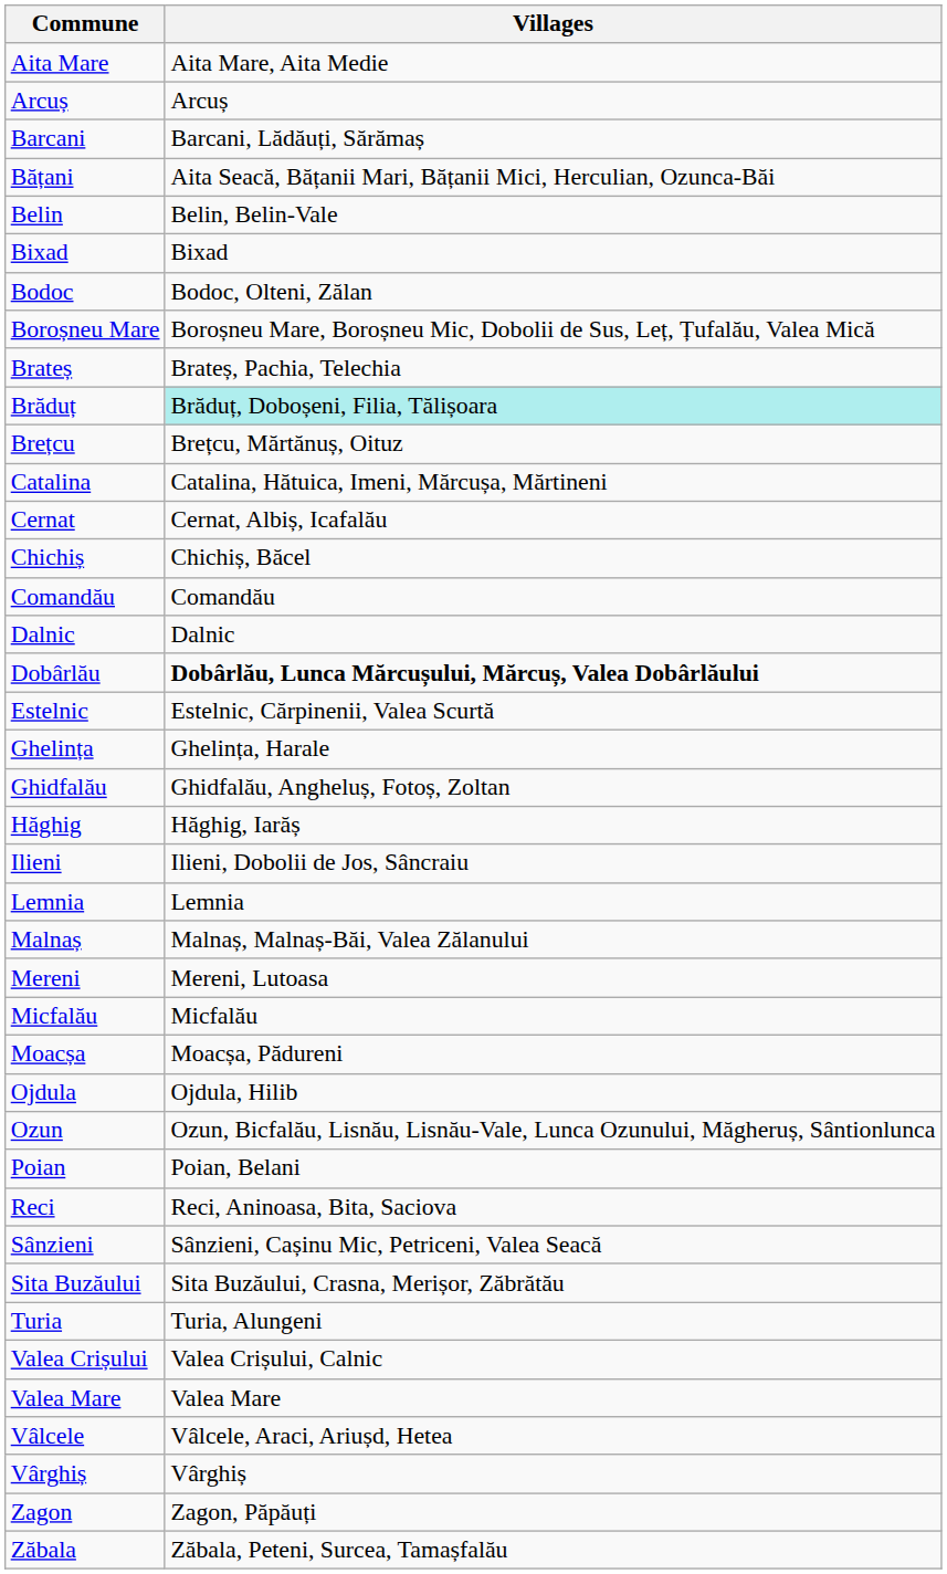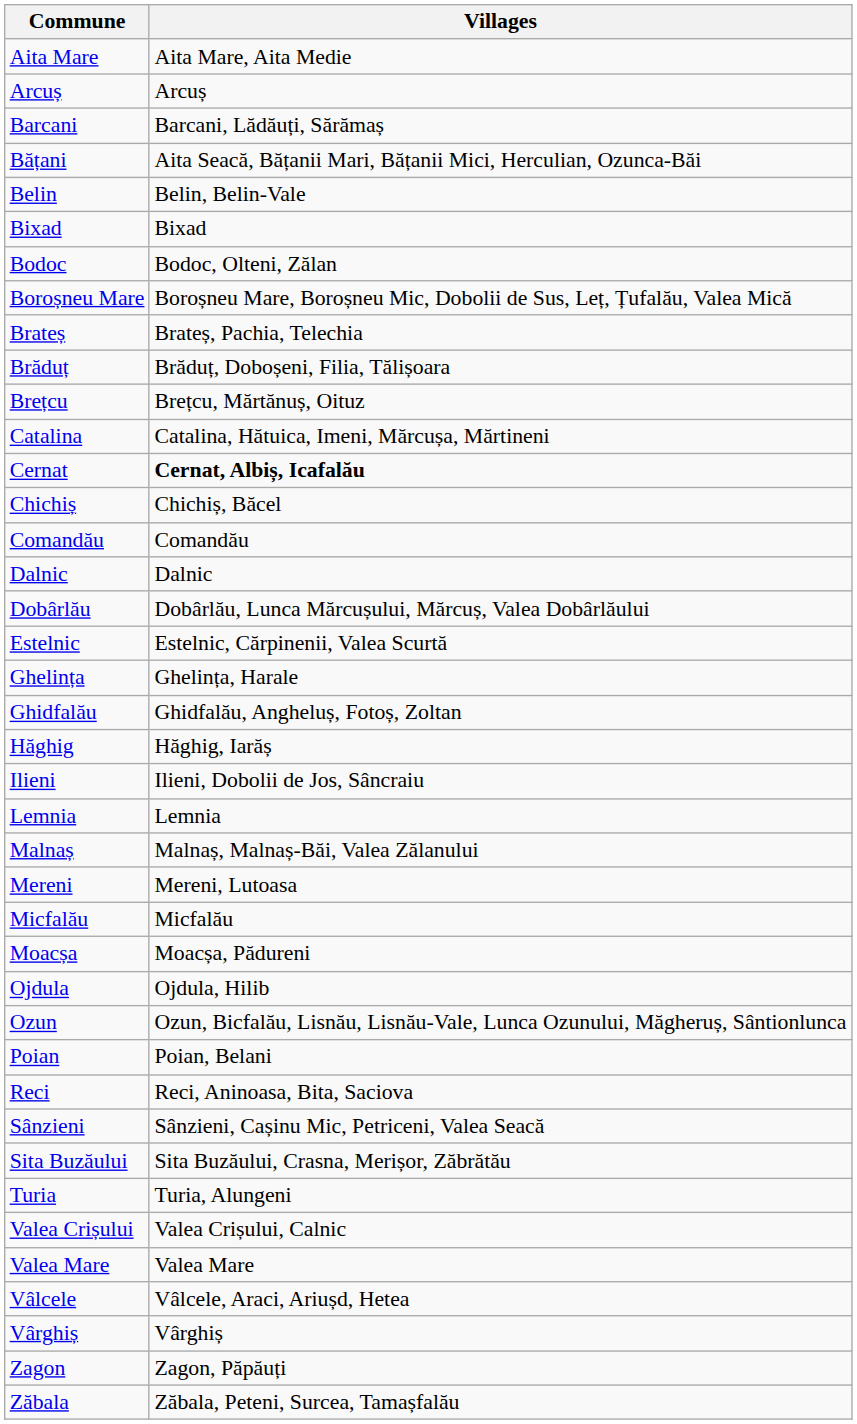 <table class="wikitable">
 <tr>
 <th colspan=1>Commune</th>
 <th colspan=3>Villages</th>
 </tr>
 <tr>
 <td><a href='#'>Aita Mare</a></td>
 <td>Aita Mare, Aita Medie</td>
 </tr>
 <tr>
 <td><a href='#'>Arcuș</a></td>
 <td>Arcuș</td>
 </tr>
 <tr>
 <td><a href='#'>Barcani</a></td>
 <td>Barcani, Lădăuți, Sărămaș</td>
 </tr>
 <tr>
 <td><a href='#'>Bățani</a></td>
 <td>Aita Seacă, Bățanii Mari, Bățanii Mici, Herculian, Ozunca-Băi</td>
 </tr>
 <tr>
 <td><a href='#'>Belin</a></td>
 <td>Belin, Belin-Vale</td>
 </tr>
 <tr>
 <td><a href='#'>Bixad</a></td>
 <td>Bixad</td>
 </tr>
 <tr>
 <td><a href='#'>Bodoc</a></td>
 <td>Bodoc, Olteni, Zălan</td>
 </tr>
 <tr>
 <td><a href='#'>Boroșneu Mare</a></td>
 <td>Boroșneu Mare, Boroșneu Mic, Dobolii de Sus, Leț, Țufalău, Valea Mică</td>
 </tr>
 <tr>
 <td><a href='#'>Brateș</a></td>
 <td>Brateș, Pachia, Telechia</td>
 </tr>
 <tr>
 <td><a href='#'>Brăduț</a></td>
-<td style="background: paleturquoise;">Brăduț, Doboșeni, Filia, Tălișoara</td>
+<td>Brăduț, Doboșeni, Filia, Tălișoara</td>
 </tr>
 <tr>
 <td><a href='#'>Brețcu</a></td>
 <td>Brețcu, Mărtănuș, Oituz</td>
 </tr>
 <tr>
 <td><a href='#'>Catalina</a></td>
 <td>Catalina, Hătuica, Imeni, Mărcușa, Mărtineni</td>
 </tr>
 <tr>
 <td><a href='#'>Cernat</a></td>
-<td>Cernat, Albiș, Icafalău</td>
+<td><strong>Cernat, Albiș, Icafalău</strong></td>
 </tr>
 <tr>
 <td><a href='#'>Chichiș</a></td>
 <td>Chichiș, Băcel</td>
 </tr>
 <tr>
 <td><a href='#'>Comandău</a></td>
 <td>Comandău</td>
 </tr>
 <tr>
 <td><a href='#'>Dalnic</a></td>
 <td>Dalnic</td>
 </tr>
 <tr>
 <td><a href='#'>Dobârlău</a></td>
-<td><strong>Dobârlău, Lunca Mărcușului, Mărcuș, Valea Dobârlăului</strong></td>
+<td>Dobârlău, Lunca Mărcușului, Mărcuș, Valea Dobârlăului</td>
 </tr>
 <tr>
 <td><a href='#'>Estelnic</a></td>
 <td>Estelnic, Cărpinenii, Valea Scurtă</td>
 </tr>
 <tr>
 <td><a href='#'>Ghelința</a></td>
 <td>Ghelința, Harale</td>
 </tr>
 <tr>
 <td><a href='#'>Ghidfalău</a></td>
 <td>Ghidfalău, Angheluș, Fotoș, Zoltan</td>
 </tr>
 <tr>
 <td><a href='#'>Hăghig</a></td>
 <td>Hăghig, Iarăș</td>
 </tr>
 <tr>
 <td><a href='#'>Ilieni</a></td>
 <td>Ilieni, Dobolii de Jos, Sâncraiu</td>
 </tr>
 <tr>
 <td><a href='#'>Lemnia</a></td>
 <td>Lemnia</td>
 </tr>
 <tr>
 <td><a href='#'>Malnaș</a></td>
 <td>Malnaș, Malnaș-Băi, Valea Zălanului</td>
 </tr>
 <tr>
 <td><a href='#'>Mereni</a></td>
 <td>Mereni, Lutoasa</td>
 </tr>
 <tr>
 <td><a href='#'>Micfalău</a></td>
 <td>Micfalău</td>
 </tr>
 <tr>
 <td><a href='#'>Moacșa</a></td>
 <td>Moacșa, Pădureni</td>
 </tr>
 <tr>
 <td><a href='#'>Ojdula</a></td>
 <td>Ojdula, Hilib</td>
 </tr>
 <tr>
 <td><a href='#'>Ozun</a></td>
 <td>Ozun, Bicfalău, Lisnău, Lisnău-Vale, Lunca Ozunului, Măgheruș, Sântionlunca</td>
 </tr>
 <tr>
 <td><a href='#'>Poian</a></td>
 <td>Poian, Belani</td>
 </tr>
 <tr>
 <td><a href='#'>Reci</a></td>
 <td>Reci, Aninoasa, Bita, Saciova</td>
 </tr>
 <tr>
 <td><a href='#'>Sânzieni</a></td>
 <td>Sânzieni, Cașinu Mic, Petriceni, Valea Seacă</td>
 </tr>
 <tr>
 <td><a href='#'>Sita Buzăului</a></td>
 <td>Sita Buzăului, Crasna, Merișor, Zăbrătău</td>
 </tr>
 <tr>
 <td><a href='#'>Turia</a></td>
 <td>Turia, Alungeni</td>
 </tr>
 <tr>
 <td><a href='#'>Valea Crișului</a></td>
 <td>Valea Crișului, Calnic</td>
 </tr>
 <tr>
 <td><a href='#'>Valea Mare</a></td>
 <td>Valea Mare</td>
 </tr>
 <tr>
 <td><a href='#'>Vâlcele</a></td>
 <td>Vâlcele, Araci, Ariușd, Hetea</td>
 </tr>
 <tr>
 <td><a href='#'>Vârghiș</a></td>
 <td>Vârghiș</td>
 </tr>
 <tr>
 <td><a href='#'>Zagon</a></td>
 <td>Zagon, Păpăuți</td>
 </tr>
 <tr>
 <td><a href='#'>Zăbala</a></td>
 <td>Zăbala, Peteni, Surcea, Tamașfalău</td>
 </tr>
 </table>
